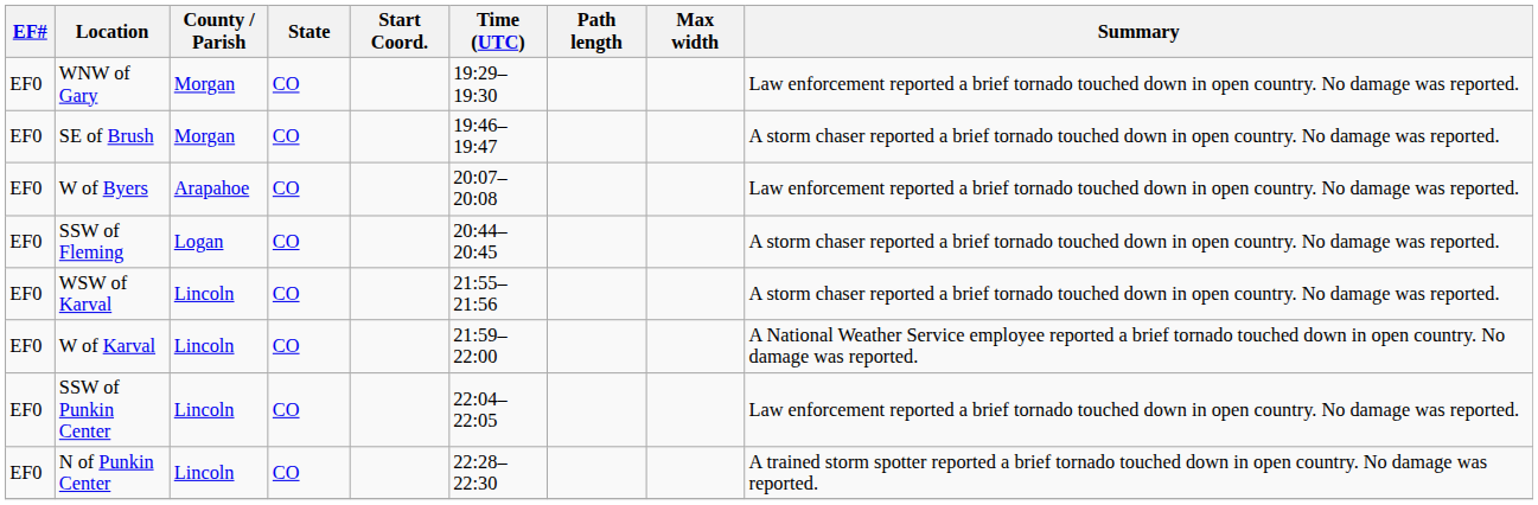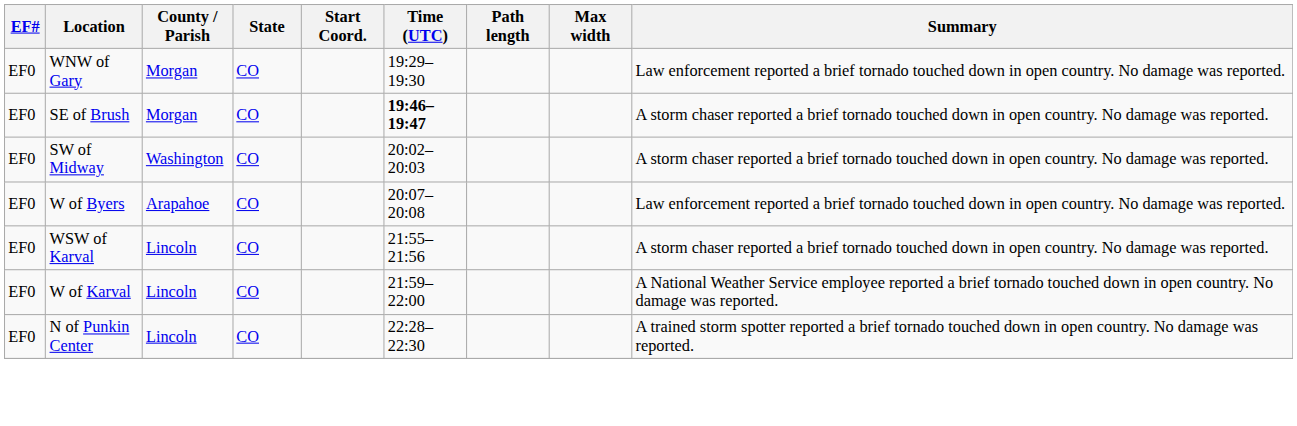 <table class="wikitable sortable" style="width:100%;">
 <tr>
 <th scope="col"  style="width:3%; text-align:center;"><a href='#'>EF#</a></th>
 <th scope="col"  style="width:7%; text-align:center;" class="unsortable">Location</th>
 <th scope="col"  style="width:6%; text-align:center;" class="unsortable">County / Parish</th>
 <th scope="col"  style="width:5%; text-align:center;">State</th>
 <th scope="col"  style="width:6%; text-align:center;">Start Coord.</th>
 <th scope="col"  style="width:6%; text-align:center;">Time (<a href='#'>UTC</a>)</th>
 <th scope="col"  style="width:6%; text-align:center;">Path length</th>
 <th scope="col"  style="width:6%; text-align:center;">Max width</th>
 <th scope="col" class="unsortable" style="width:48%; text-align:center;">Summary</th>
 </tr>
 <tr>
 <td>EF0</td>
 <td>WNW of <a href='#'>Gary</a></td>
 <td><a href='#'>Morgan</a></td>
 <td><a href='#'>CO</a></td>
 <td></td>
 <td>19:29–19:30</td>
 <td></td>
 <td></td>
 <td>Law enforcement reported a brief tornado touched down in open country. No damage was reported.</td>
 </tr>
 <tr>
 <td>EF0</td>
 <td>SE of <a href='#'>Brush</a></td>
 <td><a href='#'>Morgan</a></td>
 <td><a href='#'>CO</a></td>
 <td></td>
-<td>19:46–19:47</td>
+<td><strong>19:46–19:47</strong></td>
+<td></td>
+<td></td>
+<td>A storm chaser reported a brief tornado touched down in open country. No damage was reported.</td>
+</tr>
+<tr>
+<td>EF0</td>
+<td>SW of <a href='#'>Midway</a></td>
+<td><a href='#'>Washington</a></td>
+<td><a href='#'>CO</a></td>
+<td></td>
+<td>20:02–20:03</td>
 <td></td>
 <td></td>
 <td>A storm chaser reported a brief tornado touched down in open country. No damage was reported.</td>
 </tr>
 <tr>
 <td>EF0</td>
 <td>W of <a href='#'>Byers</a></td>
 <td><a href='#'>Arapahoe</a></td>
 <td><a href='#'>CO</a></td>
 <td></td>
 <td>20:07–20:08</td>
 <td></td>
 <td></td>
 <td>Law enforcement reported a brief tornado touched down in open country. No damage was reported.</td>
-</tr>
-<tr>
-<td>EF0</td>
-<td>SSW of <a href='#'>Fleming</a></td>
-<td><a href='#'>Logan</a></td>
-<td><a href='#'>CO</a></td>
-<td></td>
-<td>20:44–20:45</td>
-<td></td>
-<td></td>
-<td>A storm chaser reported a brief tornado touched down in open country. No damage was reported.</td>
 </tr>
 <tr>
 <td>EF0</td>
 <td>WSW of <a href='#'>Karval</a></td>
 <td><a href='#'>Lincoln</a></td>
 <td><a href='#'>CO</a></td>
 <td></td>
 <td>21:55–21:56</td>
 <td></td>
 <td></td>
 <td>A storm chaser reported a brief tornado touched down in open country. No damage was reported.</td>
 </tr>
 <tr>
 <td>EF0</td>
 <td>W of <a href='#'>Karval</a></td>
 <td><a href='#'>Lincoln</a></td>
 <td><a href='#'>CO</a></td>
 <td></td>
 <td>21:59–22:00</td>
 <td></td>
 <td></td>
 <td>A National Weather Service employee reported a brief tornado touched down in open country. No damage was reported.</td>
 </tr>
 <tr>
 <td>EF0</td>
-<td>SSW of <a href='#'>Punkin Center</a></td>
-<td><a href='#'>Lincoln</a></td>
-<td><a href='#'>CO</a></td>
-<td></td>
-<td>22:04–22:05</td>
-<td></td>
-<td></td>
-<td>Law enforcement reported a brief tornado touched down in open country. No damage was reported.</td>
-</tr>
-<tr>
-<td>EF0</td>
 <td>N of <a href='#'>Punkin Center</a></td>
 <td><a href='#'>Lincoln</a></td>
 <td><a href='#'>CO</a></td>
 <td></td>
 <td>22:28–22:30</td>
 <td></td>
 <td></td>
 <td>A trained storm spotter reported a brief tornado touched down in open country. No damage was reported.</td>
 </tr>
 <tr>
 </tr>
 </table>
